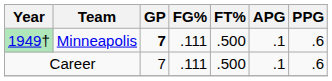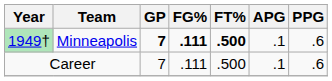 <table class="wikitable sortable" style="font-size:95%; text-align:right;">
 <tr>
 <th>Year</th>
 <th>Team</th>
 <th>GP</th>
 <th>FG%</th>
 <th>FT%</th>
 <th>APG</th>
 <th>PPG</th>
 </tr>
 <tr>
 <td style="text-align:left; background:#afe6ba;"><a href='#'>1949</a>†</td>
 <td style="text-align:left;"><a href='#'>Minneapolis</a></td>
 <td><strong>7</strong></td>
-<td>.111</td>
-<td>.500</td>
+<td><strong>.111</strong></td>
+<td><strong>.500</strong></td>
 <td>.1</td>
 <td>.6</td>
 </tr>
 <tr>
 <td style="text-align:center;" colspan="2">Career</td>
 <td>7</td>
 <td>.111</td>
 <td>.500</td>
 <td>.1</td>
 <td>.6</td>
 </tr>
 <tr>
 </tr>
 </table>
